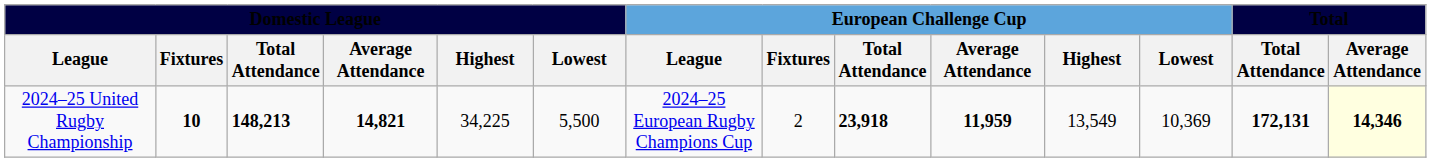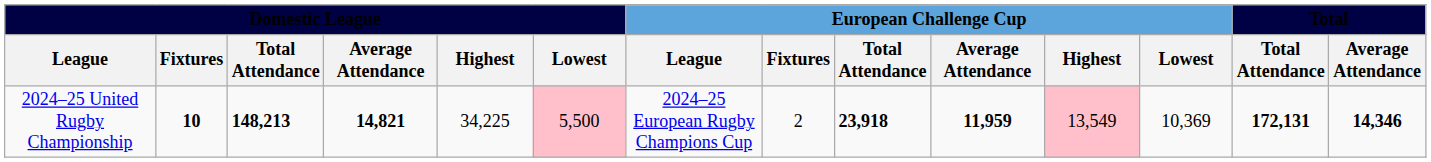 <table class="wikitable sortable" style="font-size:90%; width:90%;">
 <tr>
 <td colspan="6" class="wikitable sortable" style="width:45%; background:#000044; text-align:center;"><span><strong>Domestic League</strong></span></td>
 <td colspan="6" class="wikitable sortable" style="width:45%; background:#5CA5DC; text-align:center;"><span><strong>European Challenge Cup</strong></span></td>
 <td colspan="2" class="wikitable sortable" style="width:45%; background:#000044; text-align:center;"><span><strong>Total</strong></span></td>
 </tr>
 <tr>
 <th style="width:15%;">League</th>
 <th style="width:5%;">Fixtures</th>
 <th>Total Attendance</th>
 <th style="width:10%;">Average Attendance</th>
 <th style="width:10%;">Highest</th>
 <th style="width:10%;">Lowest</th>
 <th style="width:15%;">League</th>
 <th style="width:5%;">Fixtures</th>
 <th>Total Attendance</th>
 <th style="width:10%;">Average Attendance</th>
 <th style="width:10%;">Highest</th>
 <th style="width:10%;">Lowest</th>
 <th style="width:10%;">Total Attendance</th>
 <th style="width:10%;"><strong>Average Attendance</strong></th>
 </tr>
 <tr>
 <td align="center"><a href='#'>2024–25 United Rugby Championship</a></td>
 <td align="center"><strong>10</strong></td>
 <td><strong>148,213</strong></td>
 <td align="center"><strong>14,821</strong></td>
 <td align="center">34,225</td>
-<td align="center">5,500</td>
+<td align="center" style="background: pink;">5,500</td>
 <td align="center"><a href='#'>2024–25 European Rugby Champions Cup</a></td>
 <td align="center">2</td>
 <td><strong>23,918</strong></td>
 <td align="center"><strong>11,959</strong></td>
-<td align="center">13,549</td>
+<td align="center" style="background: pink;">13,549</td>
 <td align="center">10,369</td>
 <td align="center"><strong>172,131</strong></td>
-<td align="center" style="background: lightyellow;"><strong>14,346</strong></td>
+<td align="center"><strong>14,346</strong></td>
 </tr>
 </table>
